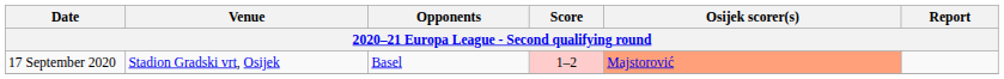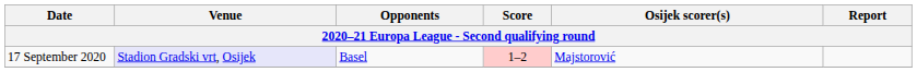 <table class="wikitable" style="font-size:95%;">
 <tr>
 <th width=125>Date</th>
 <th width=260>Venue</th>
 <th width=170>Opponents</th>
 <th width= 75>Score</th>
 <th width=320>Osijek scorer(s)</th>
 <th width=100>Report</th>
 </tr>
 <tr>
 <th colspan=7><a href='#'>2020–21 Europa League - Second qualifying round</a></th>
 </tr>
 <tr>
 <td>17 September 2020</td>
-<td><a href='#'>Stadion Gradski vrt</a>, <a href='#'>Osijek</a></td>
+<td style="background: lavender;"><a href='#'>Stadion Gradski vrt</a>, <a href='#'>Osijek</a></td>
 <td> <a href='#'>Basel</a></td>
 <td align=center bgcolor=#FFCCCC>1–2</td>
-<td style="background: lightsalmon;"><a href='#'>Majstorović</a></td>
+<td><a href='#'>Majstorović</a></td>
 <td></td>
 </tr>
 <tr>
 </tr>
 </table>
